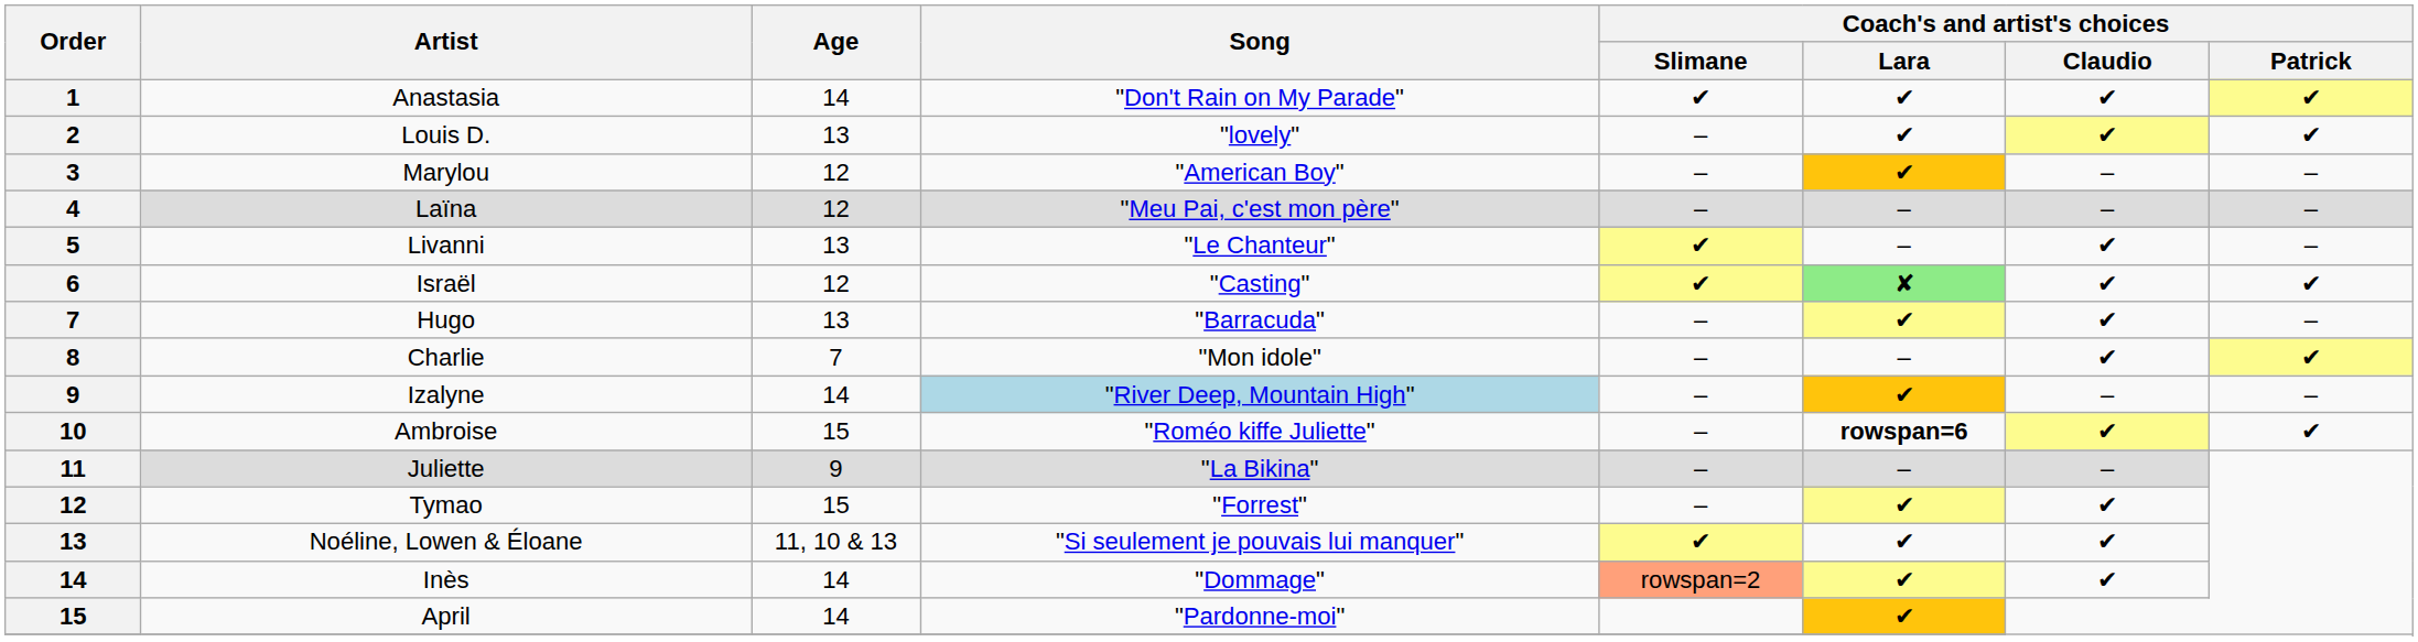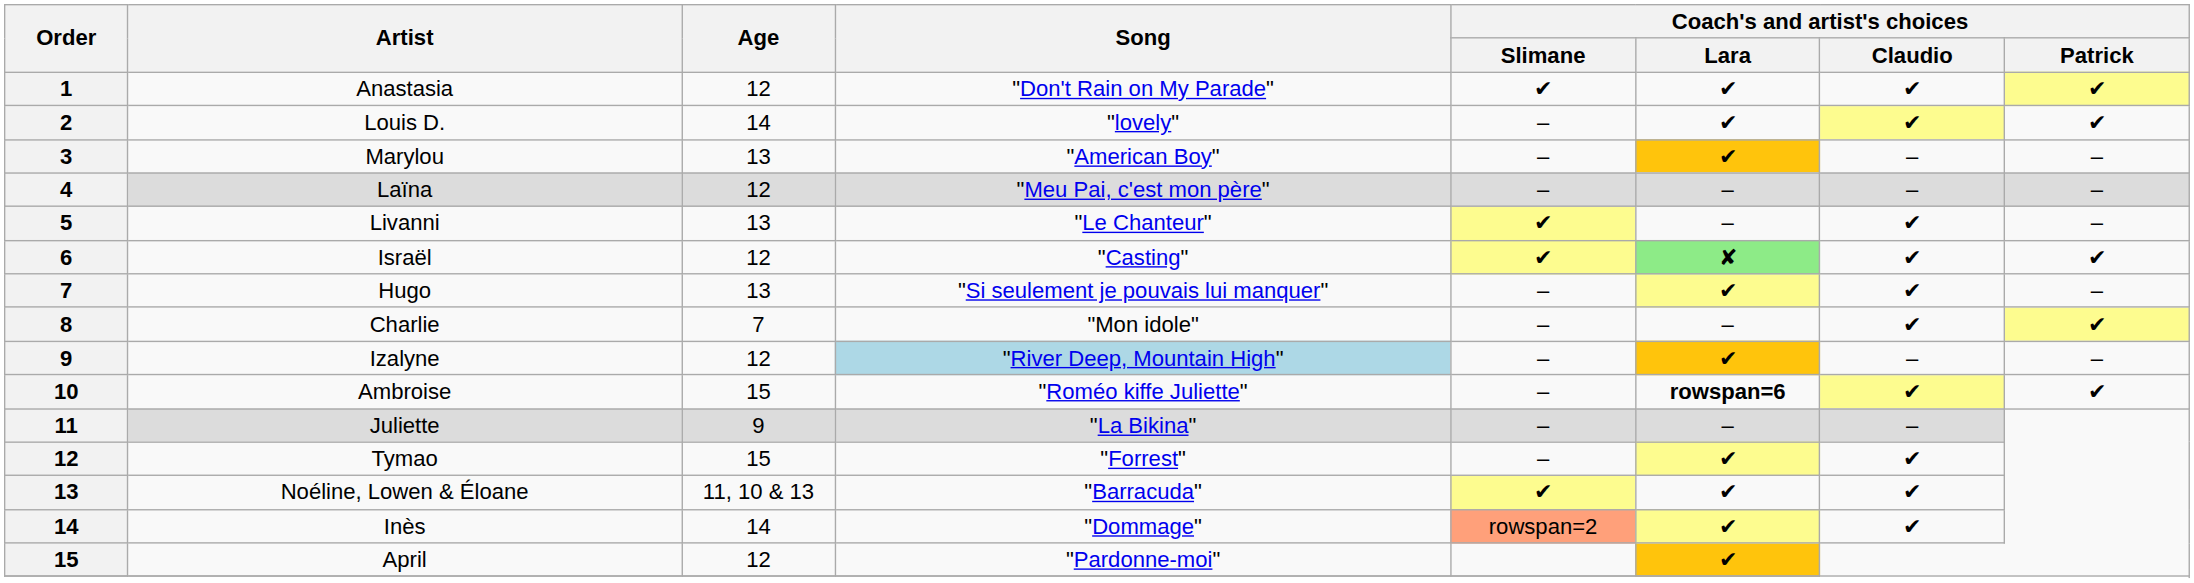 <table class="wikitable" style="text-align:center; line-height:17px; width:100%">
 <tr>
 <th scope="col" rowspan="2" style="width:04%">Order</th>
 <th scope="col" rowspan="2" style="width:18%">Artist</th>
 <th scope="col" rowspan="2" style="width:05%">Age</th>
 <th scope="col" rowspan="2" style="width:20%">Song</th>
 <th scope="col" colspan="4" style="width:24%">Coach's and artist's choices</th>
 </tr>
 <tr>
 <th style="width:06%">Slimane</th>
 <th style="width:06%">Lara</th>
 <th style="width:06%">Claudio</th>
 <th style="width:06%">Patrick</th>
 </tr>
 <tr>
 <th>1</th>
 <td>Anastasia</td>
-<td>14</td>
+<td>12</td>
 <td>"<a href='#'>Don't Rain on My Parade</a>"</td>
 <td>✔</td>
 <td>✔</td>
 <td>✔</td>
 <td style="background:#fdfc8f">✔</td>
 </tr>
 <tr>
 <th>2</th>
 <td>Louis D.</td>
-<td>13</td>
+<td>14</td>
 <td>"<a href='#'>lovely</a>"</td>
 <td>–</td>
 <td>✔</td>
 <td style="background:#fdfc8f">✔</td>
 <td>✔</td>
 </tr>
 <tr>
 <th>3</th>
 <td>Marylou</td>
-<td>12</td>
+<td>13</td>
 <td>"<a href='#'>American Boy</a>"</td>
 <td>–</td>
 <td style="background:#ffc40c">✔</td>
 <td>–</td>
 <td>–</td>
 </tr>
 <tr bgcolor=#DCDCDC>
 <th>4</th>
 <td>Laïna</td>
 <td>12</td>
 <td>"<a href='#'>Meu Pai, c'est mon père</a>"</td>
 <td>–</td>
 <td>–</td>
 <td>–</td>
 <td>–</td>
 </tr>
 <tr>
 <th>5</th>
 <td>Livanni</td>
 <td>13</td>
 <td>"<a href='#'>Le Chanteur</a>"</td>
 <td style="background:#fdfc8f">✔</td>
 <td>–</td>
 <td>✔</td>
 <td>–</td>
 </tr>
 <tr>
 <th>6</th>
 <td>Israël</td>
 <td>12</td>
 <td>"<a href='#'>Casting</a>"</td>
 <td style="background:#fdfc8f">✔</td>
 <td style="background:#8deb87">✘</td>
 <td>✔</td>
 <td>✔</td>
 </tr>
 <tr>
 <th>7</th>
 <td>Hugo</td>
 <td>13</td>
-<td>"<a href='#'>Barracuda</a>"</td>
+<td>"<a href='#'>Si seulement je pouvais lui manquer</a>"</td>
 <td>–</td>
 <td style="background:#fdfc8f">✔</td>
 <td>✔</td>
 <td>–</td>
 </tr>
 <tr>
 <th>8</th>
 <td>Charlie</td>
 <td>7</td>
 <td>"Mon idole"</td>
 <td>–</td>
 <td>–</td>
 <td>✔</td>
 <td style="background:#fdfc8f">✔</td>
 </tr>
 <tr>
 <th>9</th>
 <td>Izalyne</td>
-<td>14</td>
+<td>12</td>
 <td style="background: lightblue;">"<a href='#'>River Deep, Mountain High</a>"</td>
 <td>–</td>
 <td style="background:#ffc40c">✔</td>
 <td>–</td>
 <td>–</td>
 </tr>
 <tr>
 <th>10</th>
 <td>Ambroise</td>
 <td>15</td>
 <td>"<a href='#'>Roméo kiffe Juliette</a>"</td>
 <td>–</td>
 <td><strong>rowspan=6 </strong></td>
 <td style="background:#fdfc8f">✔</td>
 <td>✔</td>
 </tr>
 <tr bgcolor=#DCDCDC>
 <th>11</th>
 <td>Juliette</td>
 <td>9</td>
 <td>"<a href='#'>La Bikina</a>"</td>
 <td>–</td>
 <td>–</td>
 <td>–</td>
 </tr>
 <tr>
 <th>12</th>
 <td>Tymao</td>
 <td>15</td>
 <td>"<a href='#'>Forrest</a>"</td>
 <td>–</td>
 <td style="background:#fdfc8f">✔</td>
 <td>✔</td>
 </tr>
 <tr>
 <th>13</th>
 <td>Noéline, Lowen & Éloane</td>
 <td>11, 10 & 13</td>
-<td>"<a href='#'>Si seulement je pouvais lui manquer</a>"</td>
+<td>"<a href='#'>Barracuda</a>"</td>
 <td style="background:#fdfc8f">✔</td>
 <td>✔</td>
 <td>✔</td>
 </tr>
 <tr>
 <th>14</th>
 <td>Inès</td>
 <td>14</td>
 <td>"<a href='#'>Dommage</a>"</td>
 <td style="background: lightsalmon;">rowspan=2 </td>
 <td style="background:#fdfc8f">✔</td>
 <td>✔</td>
 </tr>
 <tr>
 <th>15</th>
 <td>April</td>
-<td>14</td>
+<td>12</td>
 <td>"<a href='#'>Pardonne-moi</a>"</td>
 <td></td>
 <td style="background:#ffc40c">✔</td>
 </tr>
 <tr>
 </tr>
 </table>
